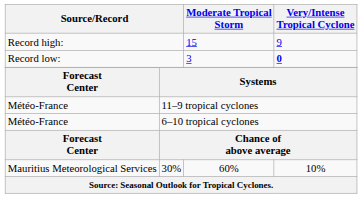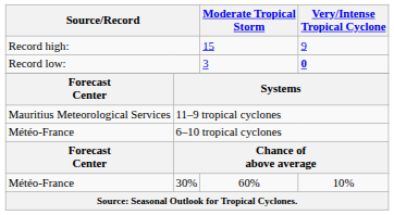 <table class="wikitable" align="right" style="margin:0 0 0.5em 1em;">
 <tr>
 <th colspan=2>Source/Record</th>
 <th><a href='#'>Moderate Tropical<br>Storm</a></th>
 <th><a href='#'>Very/Intense<br>Tropical Cyclone</a></th>
 </tr>
 <tr>
 <td colspan=2>Record high:</td>
 <td><a href='#'>15</a></td>
 <td><a href='#'>9</a></td>
 </tr>
 <tr>
 <td colspan=2>Record low:</td>
 <td><a href='#'>3</a></td>
 <td><strong><a href='#'>0</a></strong></td>
 </tr>
 <tr>
 </tr>
 <tr>
 <th>Forecast<br>Center</th>
 <th colspan=4>Systems</th>
 </tr>
 <tr>
-<td>Météo-France</td>
+<td>Mauritius Meteorological Services</td>
 <td colspan=4>11–9 tropical cyclones</td>
 </tr>
 <tr>
 <td>Météo-France</td>
 <td colspan=4>6–10 tropical cyclones</td>
 </tr>
 <tr>
 <th>Forecast<br>Center</th>
 <th colspan=3>Chance of<br>above average</th>
 </tr>
 <tr>
-<td>Mauritius Meteorological Services</td>
+<td>Météo-France</td>
 <td style="text-align:center;">30%</td>
 <td style="text-align:center;">60%</td>
 <td style="text-align:center;">10%</td>
 </tr>
 <tr>
 <th colspan="5"><small>Source: Seasonal Outlook for Tropical Cyclones.</small></th>
 </tr>
 </table>
